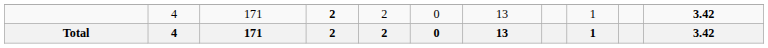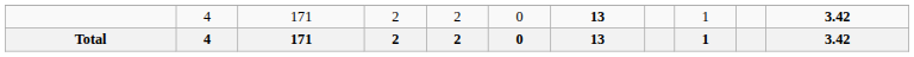 <table class="wikitable sortable" width ="1000">
 <tr align="center">
 </tr>
 <tr align="center" bgcolor="">
 <td></td>
 <td>4</td>
 <td>171</td>
-<td><strong>2</strong></td>
+<td>2</td>
 <td>2</td>
 <td>0</td>
-<td>13</td>
+<td><strong>13</strong></td>
 <td></td>
 <td>1</td>
 <td></td>
 <td><strong>3.42</strong></td>
 </tr>
 <tr>
 <th>Total</th>
 <th>4</th>
 <th>171</th>
 <th>2</th>
 <th>2</th>
 <th>0</th>
 <th>13</th>
 <th></th>
 <th>1</th>
 <th></th>
 <th><strong>3.42</strong></th>
 </tr>
 </table>
